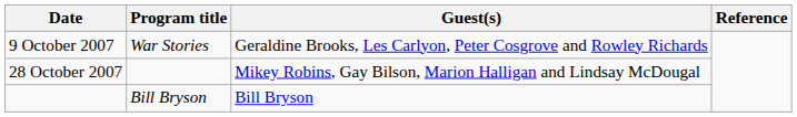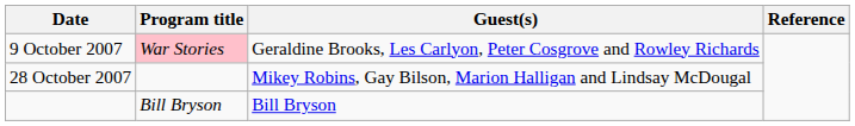 <table class="wikitable">
 <tr>
 <th>Date</th>
 <th>Program title</th>
 <th>Guest(s)</th>
 <th>Reference</th>
 </tr>
 <tr>
 <td>9 October 2007</td>
-<td><em>War Stories</em></td>
+<td style="background: pink;"><em>War Stories</em></td>
 <td>Geraldine Brooks, <a href='#'>Les Carlyon</a>, <a href='#'>Peter Cosgrove</a> and <a href='#'>Rowley Richards</a></td>
 <td rowspan=3></td>
 </tr>
 <tr>
 <td>28 October 2007</td>
 <td></td>
 <td><a href='#'>Mikey Robins</a>, Gay Bilson, <a href='#'>Marion Halligan</a> and Lindsay McDougal</td>
 </tr>
 <tr>
 <td></td>
 <td><em>Bill Bryson</em></td>
 <td><a href='#'>Bill Bryson</a></td>
 </tr>
 </table>
